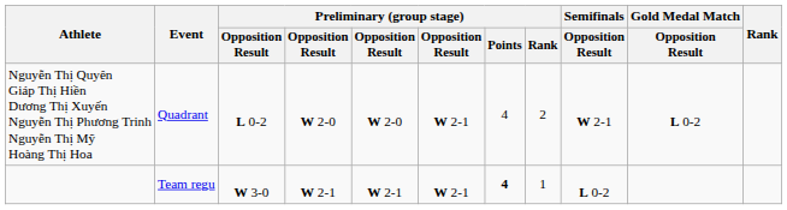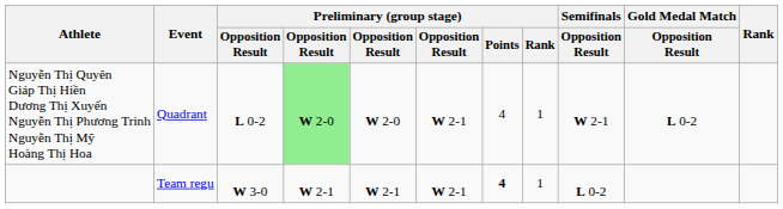 <table class=wikitable style="font-size:90%;text-align:center">
 <tr>
 <th rowspan=2>Athlete</th>
 <th rowspan=2>Event</th>
 <th colspan=6>Preliminary (group stage)</th>
 <th>Semifinals</th>
 <th>Gold Medal Match</th>
 <th rowspan=2>Rank</th>
 </tr>
 <tr style="font-size:95%">
 <th>Opposition<br>Result</th>
 <th>Opposition<br>Result</th>
 <th>Opposition<br>Result</th>
 <th>Opposition<br>Result</th>
 <th>Points</th>
 <th>Rank</th>
 <th>Opposition<br>Result</th>
 <th>Opposition<br>Result</th>
 </tr>
 <tr>
 <td align=left>Nguyễn Thị Quyên<br>Giáp Thị Hiền<br>Dương Thị Xuyến<br>Nguyễn Thị Phương Trinh<br>Nguyễn Thị Mỹ<br>Hoàng Thị Hoa</td>
 <td align=left><a href='#'>Quadrant</a></td>
 <td><br><strong>L</strong> 0-2</td>
-<td><br><strong>W</strong> 2-0</td>
+<td style="background: lightgreen;"><br><strong>W</strong> 2-0</td>
 <td><br><strong>W</strong> 2-0</td>
 <td><br><strong>W</strong> 2-1</td>
 <td>4</td>
-<td>2 <strong></strong></td>
+<td>1 <strong></strong></td>
 <td><br><strong>W</strong> 2-1</td>
 <td><br><strong>L</strong> 0-2</td>
 <td></td>
 </tr>
 <tr>
 <td align=left></td>
 <td align=left><a href='#'>Team regu</a></td>
 <td><br><strong>W</strong> 3-0</td>
 <td><br><strong>W</strong> 2-1</td>
 <td><br><strong>W</strong> 2-1</td>
 <td><br><strong>W</strong> 2-1</td>
 <td><strong>4</strong></td>
 <td>1 <strong></strong></td>
 <td><br><strong>L</strong> 0-2</td>
 <td></td>
 <td></td>
 </tr>
 </table>
